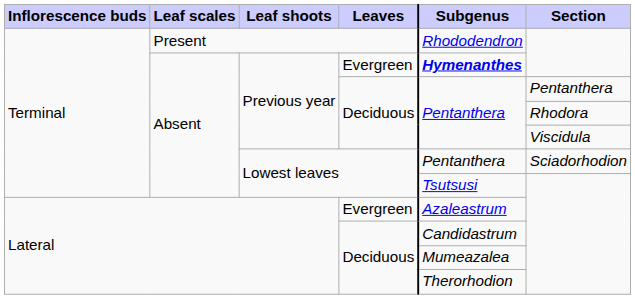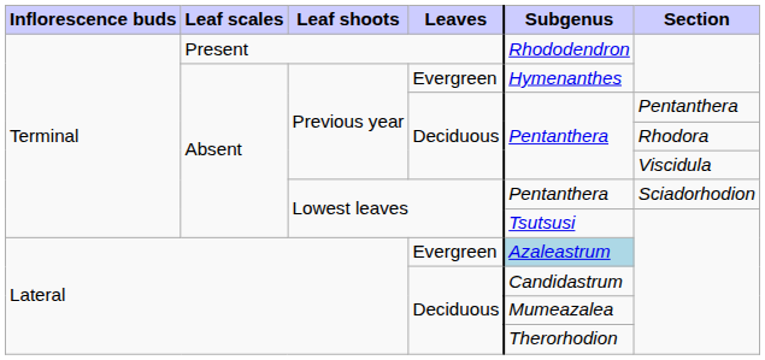 <table class="wikitable">
 <tr>
 <th style="background:#ccf">Inflorescence buds</th>
 <th style="background:#ccf">Leaf scales</th>
 <th style="background:#ccf">Leaf shoots</th>
 <th style="border-right:solid black 2px; background:#ccf">Leaves</th>
 <th style="background:#ccf">Subgenus</th>
 <th style="background:#ccf">Section</th>
 </tr>
 <tr>
 <td rowspan=7>Terminal</td>
 <td colspan=3>Present</td>
 <td style="border-left:solid black 2px"><em><a href='#'>Rhododendron</a></em></td>
 </tr>
 <tr>
 <td rowspan=6>Absent</td>
 <td rowspan=4>Previous year</td>
 <td style="border-right:solid black 2px">Evergreen</td>
-<td><strong><em><a href='#'>Hymenanthes</a></em></strong></td>
+<td><em><a href='#'>Hymenanthes</a></em></td>
 </tr>
 <tr>
 <td rowspan=3 style="border-right:solid black 2px">Deciduous</td>
 <td rowspan=3><em><a href='#'>Pentanthera</a></em></td>
 <td><em>Pentanthera</em></td>
 </tr>
 <tr>
 <td><em>Rhodora</em></td>
 </tr>
 <tr>
 <td><em>Viscidula</em></td>
 </tr>
 <tr>
 <td rowspan=2 colspan=2>Lowest leaves</td>
 <td style="border-left:solid black 2px"><em>Pentanthera</em></td>
 <td><em>Sciadorhodion</em></td>
 </tr>
 <tr>
 <td style="border-left:solid black 2px"><em><a href='#'>Tsutsusi</a></em></td>
 </tr>
 <tr>
 <td rowspan=4 colspan=3>Lateral</td>
 <td style="border-right:solid black 2px">Evergreen</td>
-<td><em><a href='#'>Azaleastrum</a></em></td>
+<td style="background: lightblue;"><em><a href='#'>Azaleastrum</a></em></td>
 </tr>
 <tr>
 <td rowspan=3 style="border-right:solid black 2px">Deciduous</td>
 <td><em>Candidastrum</em></td>
 </tr>
 <tr>
 <td><em>Mumeazalea</em></td>
 </tr>
 <tr>
 <td><em>Therorhodion</em></td>
 </tr>
 </table>
